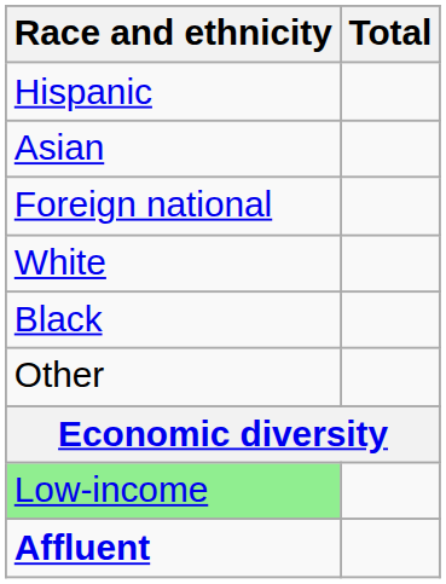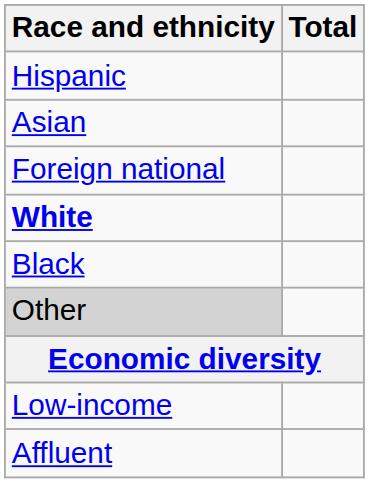 <table class="wikitable floatright sortable collapsible"; text-align:right; font-size:80%;">
 <tr>
 <th>Race and ethnicity</th>
 <th colspan="2" data-sort-type=number>Total</th>
 </tr>
 <tr>
 <td><a href='#'>Hispanic</a></td>
 <td align=right></td>
 </tr>
 <tr>
 <td><a href='#'>Asian</a></td>
 <td align=right></td>
 </tr>
 <tr>
 <td><a href='#'>Foreign national</a></td>
 <td align=right></td>
 </tr>
 <tr>
-<td><a href='#'>White</a></td>
+<td><strong><a href='#'>White</a></strong></td>
 <td align=right></td>
 </tr>
 <tr>
 <td><a href='#'>Black</a></td>
 <td align=right></td>
 </tr>
 <tr>
-<td>Other</td>
+<td style="background: lightgrey;">Other</td>
 <td align=right></td>
 </tr>
 <tr>
 <th colspan="4" data-sort-type=number><a href='#'>Economic diversity</a></th>
 </tr>
 <tr>
-<td style="background: lightgreen;"><a href='#'>Low-income</a></td>
+<td><a href='#'>Low-income</a></td>
 <td align=right></td>
 </tr>
 <tr>
-<td><strong><a href='#'>Affluent</a></strong></td>
+<td><a href='#'>Affluent</a></td>
 <td align=right></td>
 </tr>
 </table>
